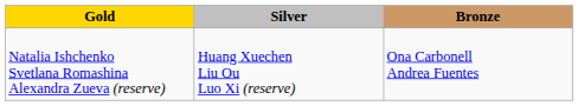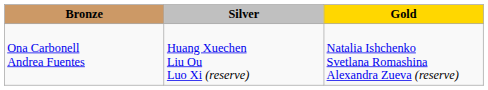 <table class="wikitable" style="text-align:left">
 <tr align="center">
+<td width=200 bgcolor=CC9966><strong>Bronze</strong></td>
+<td width=200 bgcolor=silver><strong>Silver</strong></td>
 <td width=200 bgcolor=gold><strong>Gold</strong></td>
-<td width=200 bgcolor=silver><strong>Silver</strong></td>
-<td width=200 bgcolor=CC9966><strong>Bronze</strong></td>
 </tr>
 <tr>
+<td><br><a href='#'>Ona Carbonell</a><br><a href='#'>Andrea Fuentes</a><br><br></td>
+<td><br><a href='#'>Huang Xuechen</a><br><a href='#'>Liu Ou</a><br><a href='#'>Luo Xi</a> <em>(reserve)</em></td>
 <td><br><a href='#'>Natalia Ishchenko</a><br><a href='#'>Svetlana Romashina</a><br><a href='#'>Alexandra Zueva</a> <em>(reserve)</em></td>
-<td><br><a href='#'>Huang Xuechen</a><br><a href='#'>Liu Ou</a><br><a href='#'>Luo Xi</a> <em>(reserve)</em></td>
-<td><br><a href='#'>Ona Carbonell</a><br><a href='#'>Andrea Fuentes</a><br><br></td>
 </tr>
 </table>
